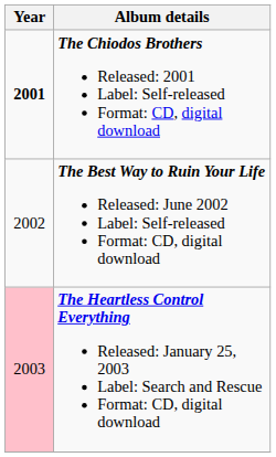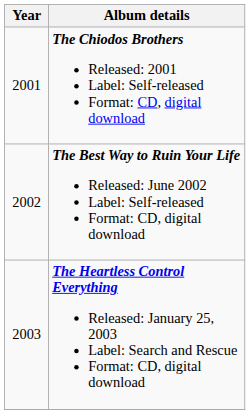 <table class="wikitable" style="text-align:center;">
 <tr>
 <th width="42">Year</th>
 <th width="210">Album details</th>
 </tr>
 <tr>
-<td><strong>2001</strong></td>
+<td>2001</td>
 <td align="left"><strong><em>The Chiodos Brothers</em></strong><br><ul><li>Released: 2001</li><li>Label: Self-released</li><li>Format: <a href='#'>CD</a>, <a href='#'>digital download</a></li></ul></td>
 </tr>
 <tr>
 <td>2002</td>
 <td align="left"><strong><em>The Best Way to Ruin Your Life</em></strong><br><ul><li>Released: June 2002</li><li>Label: Self-released</li><li>Format: CD, digital download</li></ul></td>
 </tr>
 <tr>
-<td style="background: pink;">2003</td>
+<td>2003</td>
 <td align="left"><strong><em><a href='#'>The Heartless Control Everything</a></em></strong><br><ul><li>Released: January 25, 2003</li><li>Label: Search and Rescue</li><li>Format: CD, digital download</li></ul></td>
 </tr>
 <tr>
 </tr>
 </table>
